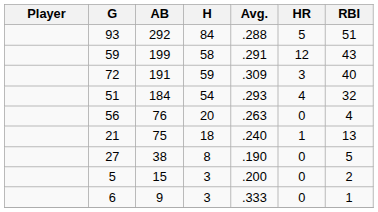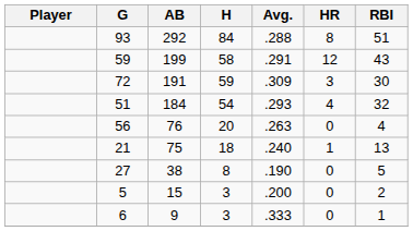 <table class="wikitable sortable">
 <tr>
 <th bgcolor="#DDDDFF" width="16%">Player</th>
 <th bgcolor="#DDDDFF" width="9%">G</th>
 <th bgcolor="#DDDDFF" width="9%">AB</th>
 <th bgcolor="#DDDDFF" width="9%">H</th>
 <th bgcolor="#DDDDFF" width="9%">Avg.</th>
 <th bgcolor="#DDDDFF" width="9%">HR</th>
 <th bgcolor="#DDDDFF" width="9%">RBI</th>
 </tr>
 <tr align="center">
 <td></td>
 <td>93</td>
 <td>292</td>
 <td>84</td>
 <td>.288</td>
-<td>5</td>
+<td>8</td>
 <td>51</td>
 </tr>
 <tr align="center">
 <td></td>
 <td>59</td>
 <td>199</td>
 <td>58</td>
 <td>.291</td>
 <td>12</td>
 <td>43</td>
 </tr>
 <tr align="center">
 <td></td>
 <td>72</td>
 <td>191</td>
 <td>59</td>
 <td>.309</td>
 <td>3</td>
-<td>40</td>
+<td>30</td>
 </tr>
 <tr align="center">
 <td></td>
 <td>51</td>
 <td>184</td>
 <td>54</td>
 <td>.293</td>
 <td>4</td>
 <td>32</td>
 </tr>
 <tr align="center">
 <td></td>
 <td>56</td>
 <td>76</td>
 <td>20</td>
 <td>.263</td>
 <td>0</td>
 <td>4</td>
 </tr>
 <tr align="center">
 <td></td>
 <td>21</td>
 <td>75</td>
 <td>18</td>
 <td>.240</td>
 <td>1</td>
 <td>13</td>
 </tr>
 <tr align="center">
 <td></td>
 <td>27</td>
 <td>38</td>
 <td>8</td>
 <td>.190</td>
 <td>0</td>
 <td>5</td>
 </tr>
 <tr align="center">
 <td></td>
 <td>5</td>
 <td>15</td>
 <td>3</td>
 <td>.200</td>
 <td>0</td>
 <td>2</td>
 </tr>
 <tr align="center">
 <td></td>
 <td>6</td>
 <td>9</td>
 <td>3</td>
 <td>.333</td>
 <td>0</td>
 <td>1</td>
 </tr>
 <tr align="center">
 </tr>
 </table>
